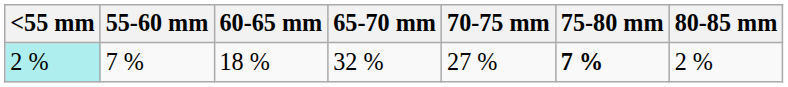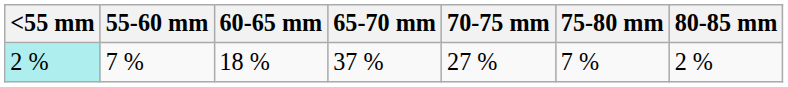 <table class="wikitable">
 <tr>
 <th><55 mm</th>
 <th>55-60 mm</th>
 <th>60-65 mm</th>
 <th>65-70 mm</th>
 <th>70-75 mm</th>
 <th>75-80 mm</th>
 <th>80-85 mm</th>
 </tr>
 <tr>
 <td style="background: paleturquoise;">2 %</td>
 <td>7 %</td>
 <td>18 %</td>
-<td>32 %</td>
+<td>37 %</td>
 <td>27 %</td>
-<td><strong>7 %</strong></td>
+<td>7 %</td>
 <td>2 %</td>
 </tr>
 </table>
